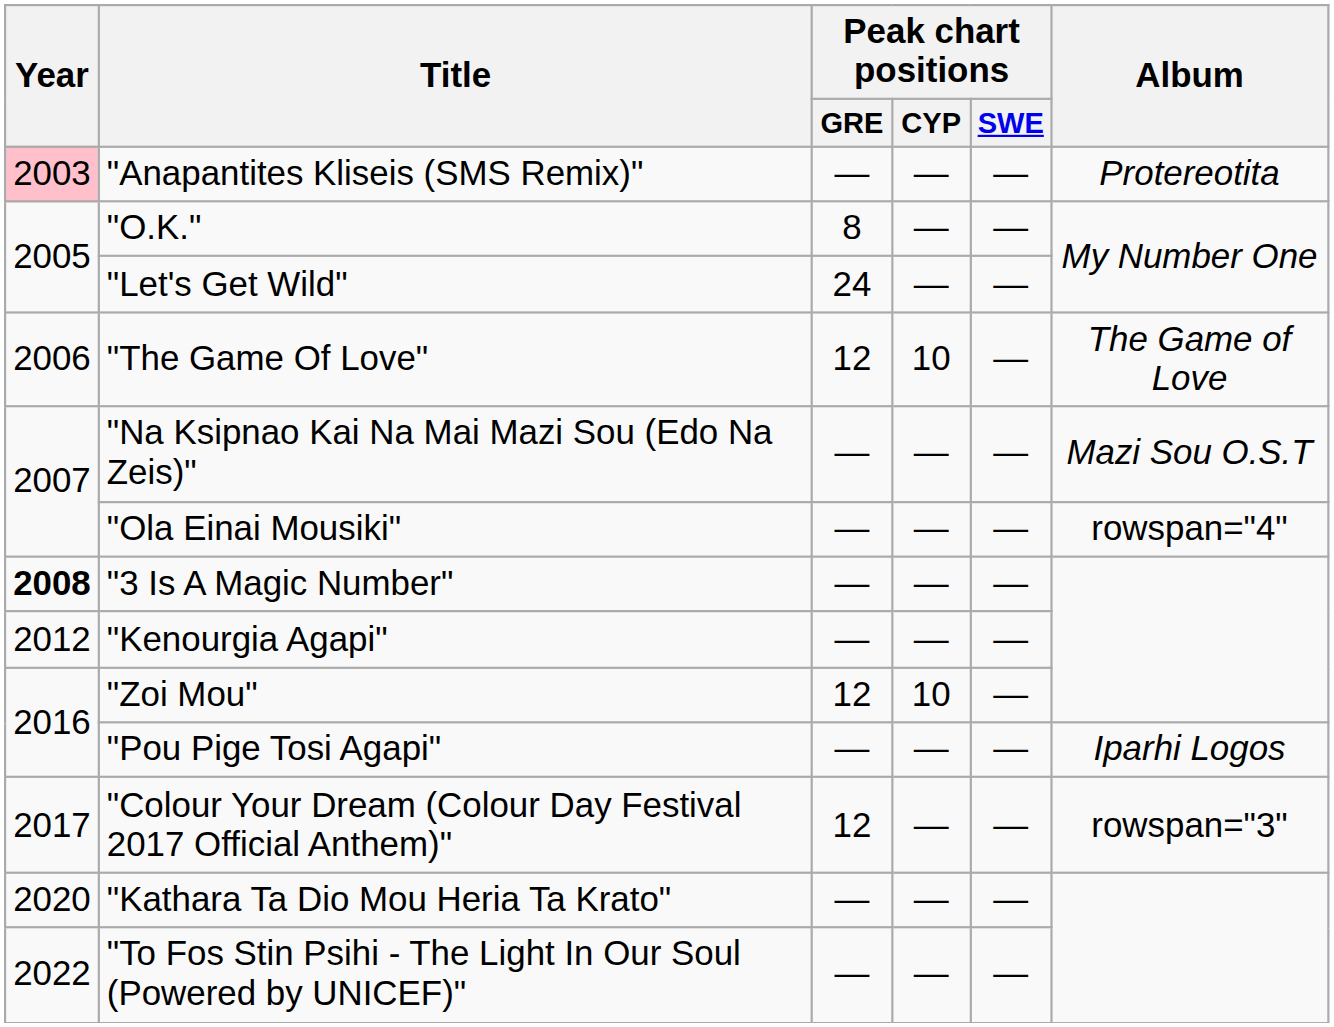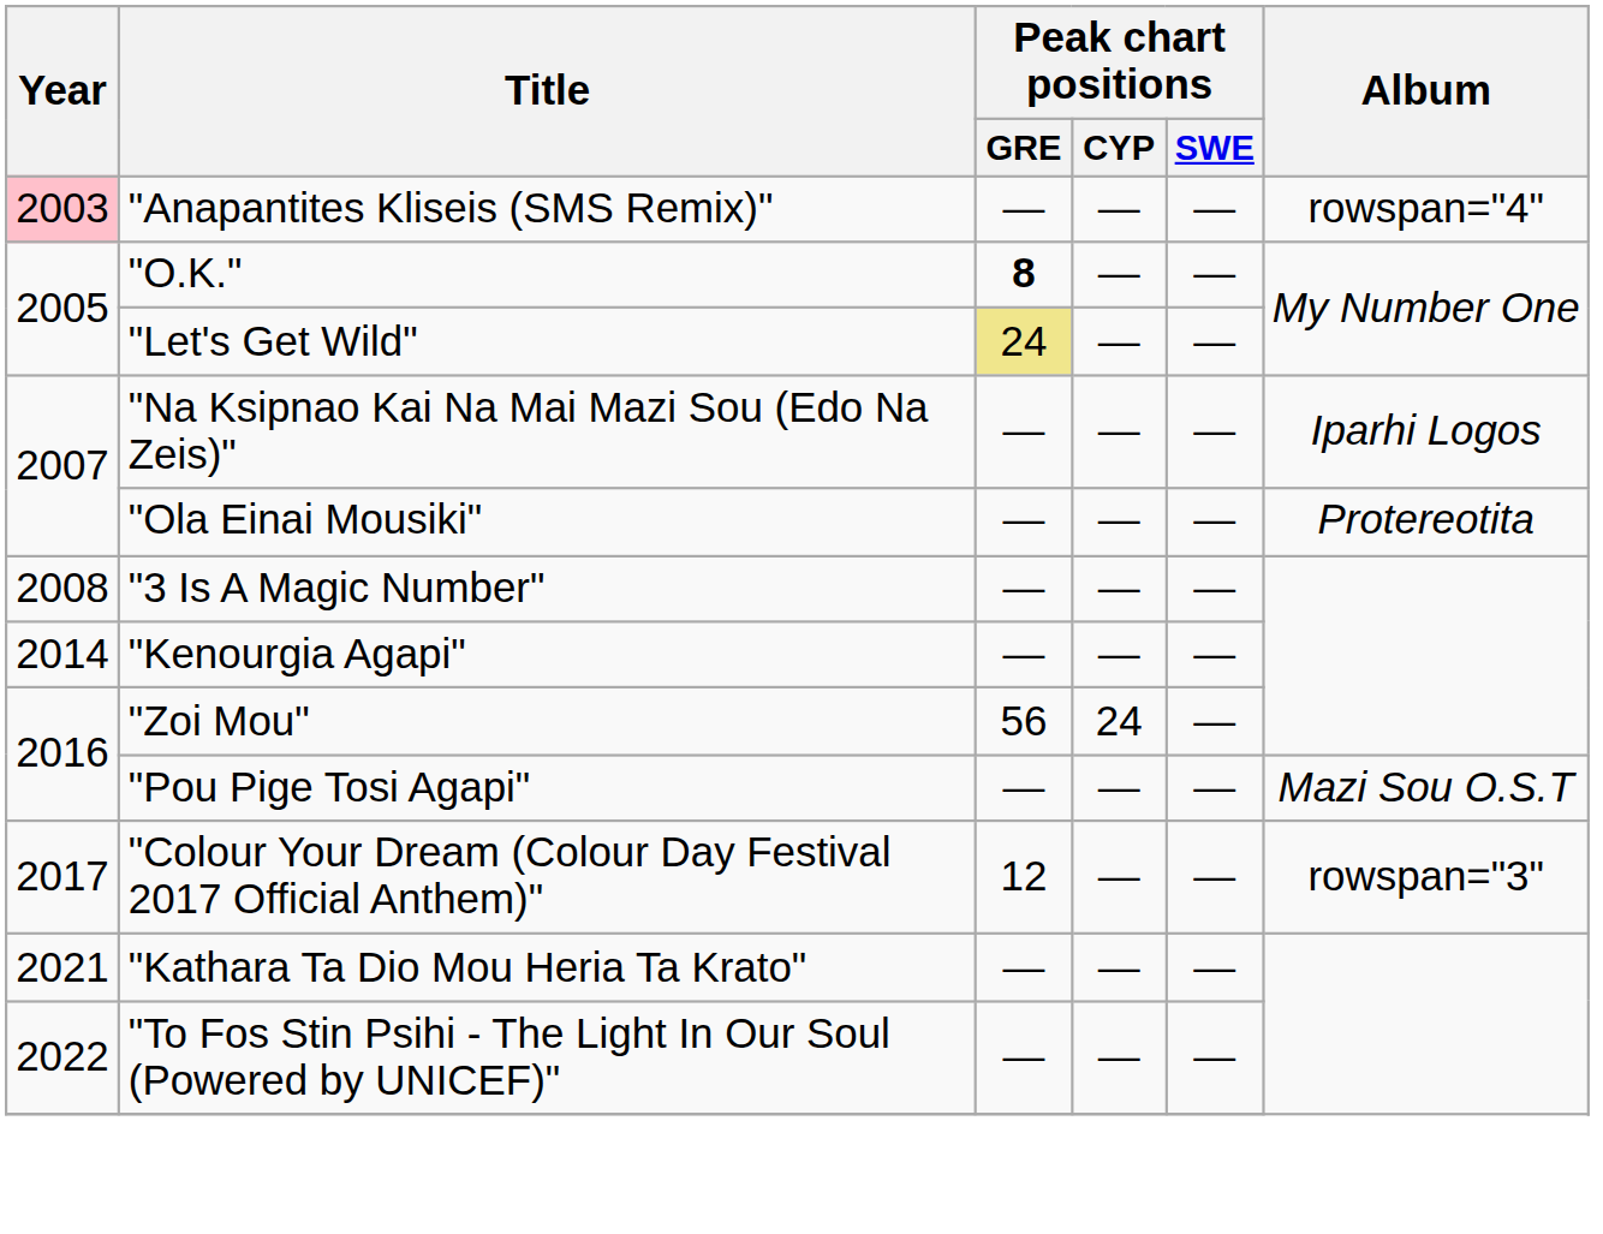 <table class="wikitable plainrowheaders" style="text-align:center;">
 <tr>
 <th scope="col" rowspan="2">Year</th>
 <th scope="col" rowspan="2" style="width:20em;">Title</th>
 <th colspan="3">Peak chart positions</th>
 <th scope="col" rowspan="2">Album</th>
 </tr>
 <tr style="font-size:smaller">
 <th width="30">GRE</th>
 <th width="30">CYP</th>
 <th width="30"><a href='#'>SWE</a> <br></th>
 </tr>
 <tr>
 <td style="background: pink;">2003</td>
 <td align="left">"Anapantites Kliseis (SMS Remix)"</td>
 <td>—</td>
 <td>—</td>
 <td>—</td>
-<td><em>Protereotita</em></td>
+<td>rowspan="4" </td>
 </tr>
 <tr>
 <td rowspan="2">2005</td>
 <td align="left">"O.K."</td>
-<td>8</td>
+<td><strong>8</strong></td>
 <td>—</td>
 <td>—</td>
 <td rowspan="2"><em>My Number One</em></td>
 </tr>
 <tr>
 <td align="left">"Let's Get Wild"</td>
-<td>24</td>
+<td style="background: khaki;">24</td>
 <td>—</td>
 <td>—</td>
-</tr>
-<tr>
-<td>2006</td>
-<td align="left">"The Game Of Love"</td>
-<td>12</td>
-<td>10</td>
-<td>—</td>
-<td><em>The Game of Love</em></td>
 </tr>
 <tr>
 <td rowspan="2">2007</td>
 <td align="left">"Na Ksipnao Kai Na Mai Mazi Sou (Edo Na Zeis)"</td>
 <td>—</td>
 <td>—</td>
 <td>—</td>
-<td><em>Mazi Sou O.S.T</em></td>
+<td><em>Iparhi Logos</em></td>
 </tr>
 <tr>
 <td align="left">"Ola Einai Mousiki"</td>
 <td>—</td>
 <td>—</td>
 <td>—</td>
-<td>rowspan="4" </td>
+<td><em>Protereotita</em></td>
 </tr>
 <tr>
-<td><strong>2008</strong></td>
+<td>2008</td>
 <td align="left">"3 Is A Magic Number"</td>
 <td>—</td>
 <td>—</td>
 <td>—</td>
 </tr>
 <tr>
-<td>2012</td>
+<td>2014</td>
 <td align="left">"Kenourgia Agapi" <br></td>
 <td>—</td>
 <td>—</td>
 <td>—</td>
 </tr>
 <tr>
 <td rowspan="2">2016</td>
 <td align="left">"Zoi Mou"</td>
-<td>12</td>
-<td>10</td>
+<td>56</td>
+<td>24</td>
 <td>—</td>
 </tr>
 <tr>
 <td align="left">"Pou Pige Tosi Agapi"</td>
 <td>—</td>
 <td>—</td>
 <td>—</td>
-<td><em>Iparhi Logos</em></td>
+<td><em>Mazi Sou O.S.T</em></td>
 </tr>
 <tr>
 <td>2017</td>
 <td align="left">"Colour Your Dream (Colour Day Festival 2017 Official Anthem)"</td>
 <td>12</td>
 <td>—</td>
 <td>—</td>
 <td>rowspan="3" </td>
 </tr>
 <tr>
-<td>2020</td>
+<td>2021</td>
 <td align="left">"Kathara Ta Dio Mou Heria Ta Krato"</td>
 <td>—</td>
 <td>—</td>
 <td>—</td>
 </tr>
 <tr>
 <td>2022</td>
 <td align="left">"To Fos Stin Psihi - The Light In Our Soul (Powered by UNICEF)" <br></td>
 <td>—</td>
 <td>—</td>
 <td>—</td>
 </tr>
 <tr>
 </tr>
 </table>
